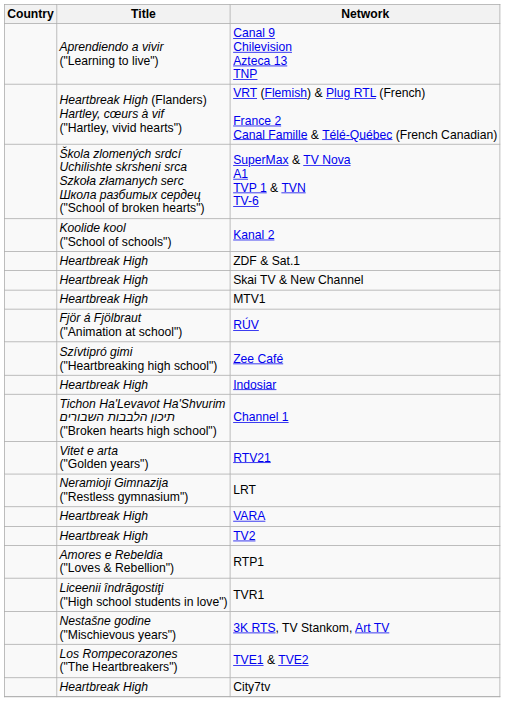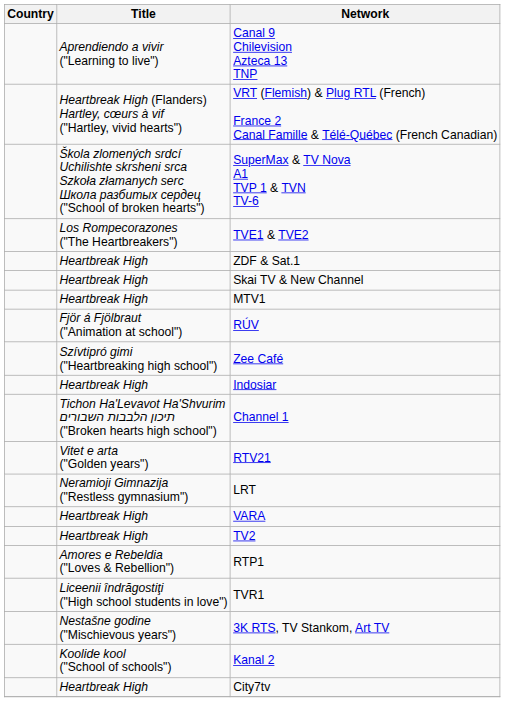 <table class="wikitable">
 <tr>
 <th scope="col">Country</th>
 <th scope="col">Title</th>
 <th scope="col">Network</th>
 </tr>
 <tr>
 <td><br><br><br></td>
 <td><em>Aprendiendo a vivir</em><br>("Learning to live")</td>
 <td><a href='#'>Canal 9</a><br><a href='#'>Chilevision</a><br><a href='#'>Azteca 13</a><br><a href='#'>TNP</a></td>
 </tr>
 <tr>
 <td><br><br></td>
 <td><em>Heartbreak High</em> (Flanders)<br><em>Hartley, cœurs à vif</em><br>("Hartley, vivid hearts")</td>
 <td><a href='#'>VRT</a> (<a href='#'>Flemish</a>) & <a href='#'>Plug RTL</a> (French)<br><br><a href='#'>France 2</a><br> <a href='#'>Canal Famille</a> & <a href='#'>Télé-Québec</a> (French Canadian)</td>
 </tr>
 <tr>
 <td><br><br><br></td>
 <td><em>Škola zlomených srdcí</em><br><em>Uchilishte skrsheni srca</em><br><em>Szkoła złamanych serc</em><br><em>Школа разбитых сердец</em><br>("School of broken hearts")</td>
 <td><a href='#'>SuperMax</a> & <a href='#'>TV Nova</a><br><a href='#'>A1</a><br><a href='#'>TVP 1</a> & <a href='#'>TVN</a><br><a href='#'>TV-6</a></td>
 </tr>
 <tr>
 <td></td>
-<td><em>Koolide kool</em><br>("School of schools")</td>
-<td><a href='#'>Kanal 2</a></td>
+<td><em>Los Rompecorazones</em><br>("The Heartbreakers")</td>
+<td><a href='#'>TVE1</a> & <a href='#'>TVE2</a></td>
 </tr>
 <tr>
 <td></td>
 <td><em>Heartbreak High</em></td>
 <td>ZDF & Sat.1</td>
 </tr>
 <tr>
 <td></td>
 <td><em>Heartbreak High</em></td>
 <td>Skai TV & New Channel</td>
 </tr>
 <tr>
 <td></td>
 <td><em>Heartbreak High</em></td>
 <td>MTV1</td>
 </tr>
 <tr>
 <td></td>
 <td><em>Fjör á Fjölbraut</em><br>("Animation at school")</td>
 <td><a href='#'>RÚV</a></td>
 </tr>
 <tr>
 <td></td>
 <td><em>Szívtipró gimi</em><br>("Heartbreaking high school")</td>
 <td><a href='#'>Zee Café</a></td>
 </tr>
 <tr>
 <td></td>
 <td><em>Heartbreak High</em></td>
 <td><a href='#'>Indosiar</a></td>
 </tr>
 <tr>
 <td></td>
 <td><em>Tichon Ha'Levavot Ha'Shvurim</em><br><em>תיכון הלבבות השבורים</em><br>("Broken hearts high school")</td>
 <td><a href='#'>Channel 1</a></td>
 </tr>
 <tr>
 <td></td>
 <td><em>Vitet e arta</em><br>("Golden years")</td>
 <td><a href='#'>RTV21</a></td>
 </tr>
 <tr>
 <td></td>
 <td><em>Neramioji Gimnazija</em><br>("Restless gymnasium")</td>
 <td>LRT</td>
 </tr>
 <tr>
 <td></td>
 <td><em>Heartbreak High</em></td>
 <td><a href='#'>VARA</a></td>
 </tr>
 <tr>
 <td></td>
 <td><em>Heartbreak High</em></td>
 <td><a href='#'>TV2</a></td>
 </tr>
 <tr>
 <td></td>
 <td><em>Amores e Rebeldia</em><br>("Loves & Rebellion")</td>
 <td>RTP1</td>
 </tr>
 <tr>
 <td></td>
 <td><em>Liceenii îndrăgostiţi</em><br>("High school students in love")</td>
 <td>TVR1</td>
 </tr>
 <tr>
 <td></td>
 <td><em>Nestašne godine</em><br>("Mischievous years")</td>
 <td><a href='#'>3K RTS</a>, TV Stankom, <a href='#'>Art TV</a></td>
 </tr>
 <tr>
 <td></td>
-<td><em>Los Rompecorazones</em><br>("The Heartbreakers")</td>
-<td><a href='#'>TVE1</a> & <a href='#'>TVE2</a></td>
+<td><em>Koolide kool</em><br>("School of schools")</td>
+<td><a href='#'>Kanal 2</a></td>
 </tr>
 <tr>
 <td></td>
 <td><em>Heartbreak High</em></td>
 <td>City7tv</td>
 </tr>
 <tr>
 </tr>
 </table>
